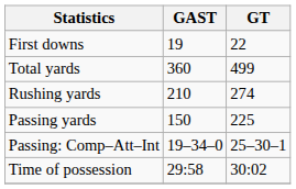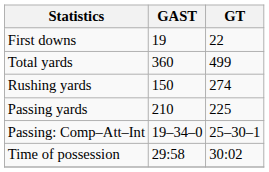 <table class="wikitable" style="float: left;">
 <tr>
 <th>Statistics</th>
 <th>GAST</th>
 <th>GT</th>
 </tr>
 <tr>
 <td>First downs</td>
 <td>19</td>
 <td>22</td>
 </tr>
 <tr>
 <td>Total yards</td>
 <td>360</td>
 <td>499</td>
 </tr>
 <tr>
 <td>Rushing yards</td>
-<td>210</td>
+<td>150</td>
 <td>274</td>
 </tr>
 <tr>
 <td>Passing yards</td>
-<td>150</td>
+<td>210</td>
 <td>225</td>
 </tr>
 <tr>
 <td>Passing: Comp–Att–Int</td>
 <td>19–34–0</td>
 <td>25–30–1</td>
 </tr>
 <tr>
 <td>Time of possession</td>
 <td>29:58</td>
 <td>30:02</td>
 </tr>
 <tr>
 </tr>
 </table>
